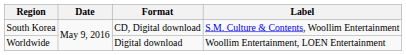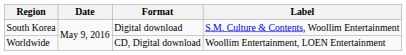 <table class = "wikitable">
 <tr>
 <th>Region</th>
 <th>Date</th>
 <th>Format</th>
 <th>Label</th>
 </tr>
 <tr>
 <td>South Korea</td>
 <td rowspan=2>May 9, 2016</td>
-<td>CD, Digital download</td>
+<td>Digital download</td>
 <td><a href='#'>S.M. Culture & Contents</a>, Woollim Entertainment</td>
 </tr>
 <tr>
 <td>Worldwide</td>
-<td>Digital download</td>
+<td>CD, Digital download</td>
 <td>Woollim Entertainment, LOEN Entertainment</td>
 </tr>
 </table>
